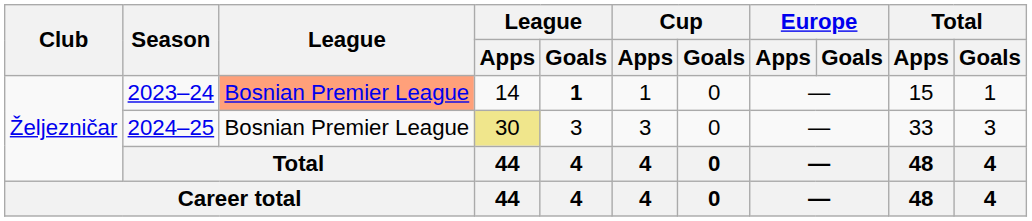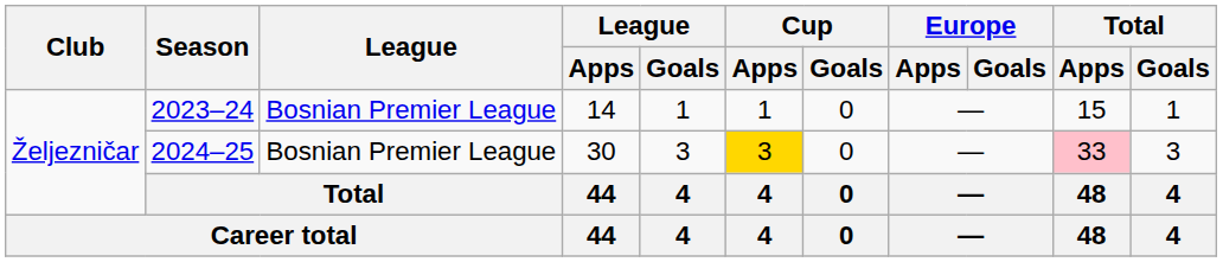 <table class="wikitable" style="text-align: center;">
 <tr>
 <th rowspan="2">Club</th>
 <th rowspan="2">Season</th>
 <th rowspan="2">League</th>
 <th colspan="2">League</th>
 <th colspan="2">Cup</th>
 <th colspan="2"><a href='#'>Europe</a></th>
 <th colspan="2">Total</th>
 </tr>
 <tr>
 <th>Apps</th>
 <th>Goals</th>
 <th>Apps</th>
 <th>Goals</th>
 <th>Apps</th>
 <th>Goals</th>
 <th>Apps</th>
 <th>Goals</th>
 </tr>
 <tr>
 <td rowspan="3"><a href='#'>Željezničar</a></td>
 <td><a href='#'>2023–24</a></td>
-<td style="background: lightsalmon;"><a href='#'>Bosnian Premier League</a></td>
+<td><a href='#'>Bosnian Premier League</a></td>
 <td>14</td>
-<td><strong>1</strong></td>
+<td>1</td>
 <td>1</td>
 <td>0</td>
 <td colspan="2">—</td>
 <td>15</td>
 <td>1</td>
 </tr>
 <tr>
 <td><a href='#'>2024–25</a></td>
 <td>Bosnian Premier League</td>
-<td style="background: khaki;">30</td>
+<td>30</td>
 <td>3</td>
-<td>3</td>
+<td style="background: gold;">3</td>
 <td>0</td>
 <td colspan="2">—</td>
-<td>33</td>
+<td style="background: pink;">33</td>
 <td>3</td>
 </tr>
 <tr>
 <th colspan="2">Total</th>
 <th>44</th>
 <th>4</th>
 <th>4</th>
 <th>0</th>
 <th colspan="2">—</th>
 <th>48</th>
 <th>4</th>
 </tr>
 <tr>
 <th colspan="3">Career total</th>
 <th>44</th>
 <th>4</th>
 <th>4</th>
 <th>0</th>
 <th colspan="2">—</th>
 <th>48</th>
 <th>4</th>
 </tr>
 </table>
